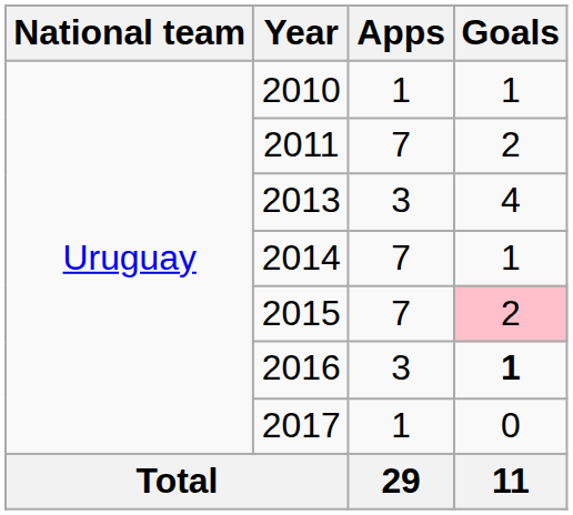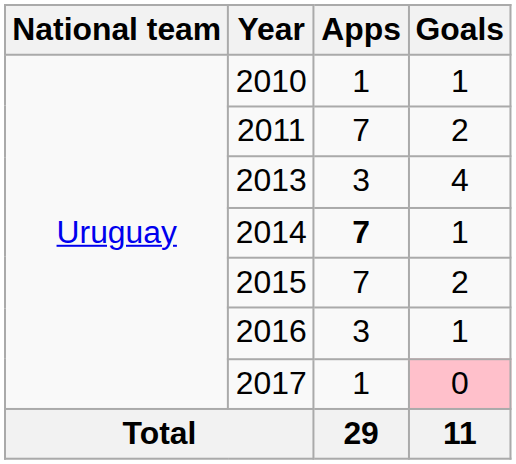 <table class="wikitable" style="text-align:center">
 <tr>
 <th>National team</th>
 <th>Year</th>
 <th>Apps</th>
 <th>Goals</th>
 </tr>
 <tr>
 <td rowspan="7"><a href='#'>Uruguay</a></td>
 <td>2010</td>
 <td>1</td>
 <td>1</td>
 </tr>
 <tr>
 <td>2011</td>
 <td>7</td>
 <td>2</td>
 </tr>
 <tr>
 <td>2013</td>
 <td>3</td>
 <td>4</td>
 </tr>
 <tr>
 <td>2014</td>
-<td>7</td>
+<td><strong>7</strong></td>
 <td>1</td>
 </tr>
 <tr>
 <td>2015</td>
 <td>7</td>
-<td style="background: pink;">2</td>
+<td>2</td>
 </tr>
 <tr>
 <td>2016</td>
 <td>3</td>
-<td><strong>1</strong></td>
+<td>1</td>
 </tr>
 <tr>
 <td>2017</td>
 <td>1</td>
-<td>0</td>
+<td style="background: pink;">0</td>
 </tr>
 <tr>
 <th colspan="2">Total</th>
 <th>29</th>
 <th>11</th>
 </tr>
 </table>
